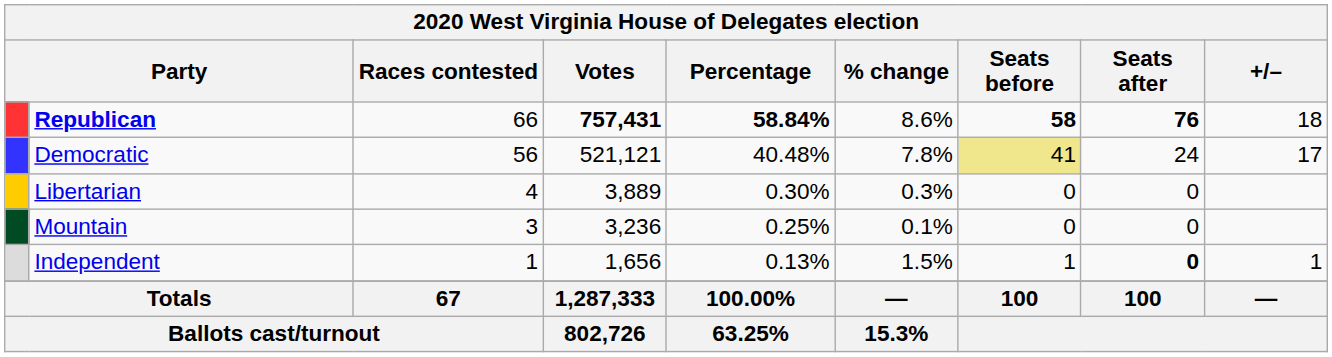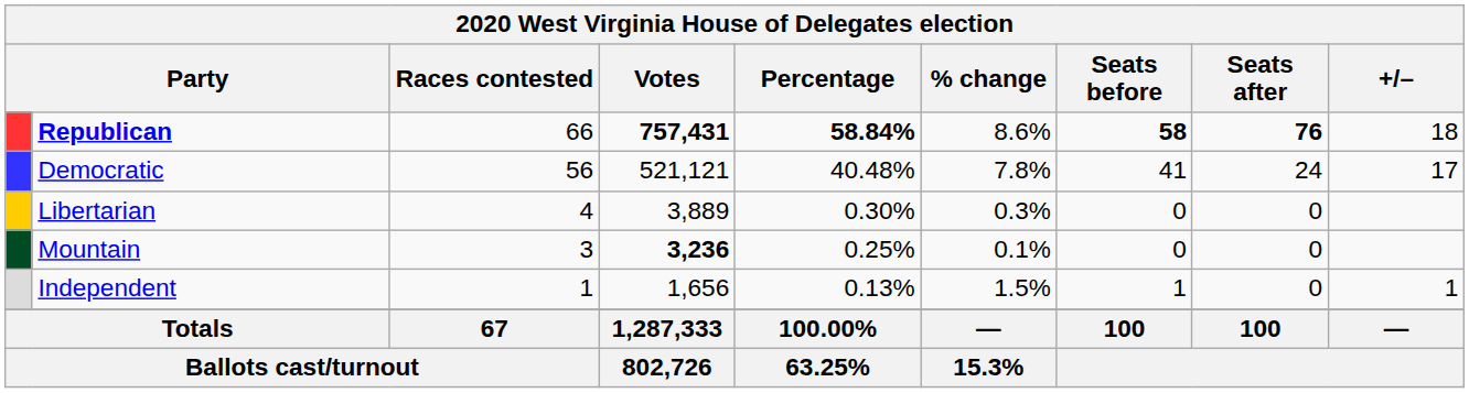 <table class="wikitable">
 <tr>
 <th colspan="10">2020 West Virginia House of Delegates election</th>
 </tr>
 <tr align="center">
 <th colspan="2" style="width: 15em">Party</th>
 <th>Races contested</th>
 <th style="width: 5em">Votes</th>
 <th style="width: 7em">Percentage</th>
 <th style="width: 5em">% change</th>
 <th style="width: 5em">Seats<br>before</th>
 <th style="width: 5em">Seats<br>after</th>
 <th style="width: 5em">+/–</th>
 </tr>
 <tr>
 <th style="background-color:#FF3333; width: 3px"></th>
 <td style="width: 130px"><a href='#'><strong>Republican</strong></a></td>
 <td align="right">66</td>
 <td align="right"><strong>757,431</strong></td>
 <td align="right"><strong>58.84%</strong></td>
 <td align="right"> 8.6%</td>
 <td align="right"><strong>58</strong></td>
 <td align="right"><strong>76</strong></td>
 <td align="right"> 18</td>
 </tr>
 <tr>
 <th style="background-color:#3333FF; width: 3px"></th>
 <td style="width: 130px"><a href='#'>Democratic</a></td>
 <td align="right">56</td>
 <td align="right">521,121</td>
 <td align="right">40.48%</td>
 <td align="right"> 7.8%</td>
-<td align="right" style="background: khaki;">41</td>
+<td align="right">41</td>
 <td align="right">24</td>
 <td align="right"> 17</td>
 </tr>
 <tr>
 <th style="background-color:#FC0; width: 3px"></th>
 <td><a href='#'>Libertarian</a></td>
 <td align="right">4</td>
 <td align="right">3,889</td>
 <td align="right">0.30%</td>
 <td align="right"> 0.3%</td>
 <td align="right">0</td>
 <td align="right">0</td>
 <td align="right"></td>
 </tr>
 <tr>
 <th style="background-color:#004b24; width: 3px"></th>
 <td><a href='#'>Mountain</a></td>
 <td align="right">3</td>
-<td align="right">3,236</td>
+<td align="right"><strong>3,236</strong></td>
 <td align="right">0.25%</td>
 <td align="right"> 0.1%</td>
 <td align="right">0</td>
 <td align="right">0</td>
 <td align="right"></td>
 </tr>
 <tr>
 <th style="background-color:#DCDCDC; width: 3px"></th>
 <td><a href='#'>Independent</a></td>
 <td align="right">1</td>
 <td align="right">1,656</td>
 <td align="right">0.13%</td>
 <td align="right"> 1.5%</td>
 <td align="right">1</td>
-<td align="right"><strong>0</strong></td>
+<td align="right">0</td>
 <td align="right"> 1</td>
 </tr>
 <tr>
 </tr>
 <tr>
 <th colspan="2" align="right">Totals</th>
 <th align="right">67</th>
 <th align="right">1,287,333</th>
 <th align="right">100.00%</th>
 <th align="right">—</th>
 <th align="right">100</th>
 <th align="right">100</th>
 <th align="right">—</th>
 </tr>
 <tr>
 <th colspan="3">Ballots cast/turnout</th>
 <th>802,726</th>
 <th>63.25%</th>
 <th> 15.3%</th>
 <th colspan="3"></th>
 </tr>
 </table>
